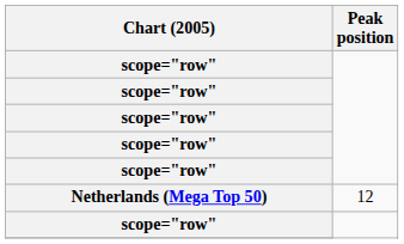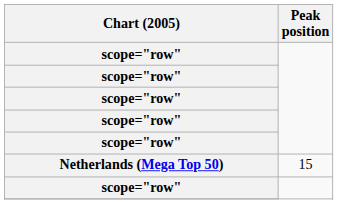 <table class="wikitable sortable plainrowheaders">
 <tr>
 <th scope="col" style="width:19em;">Chart (2005)</th>
 <th scope="col">Peak<br>position</th>
 </tr>
 <tr>
 <th>scope="row" </th>
 </tr>
 <tr>
 <th>scope="row" </th>
 </tr>
 <tr>
 <th>scope="row" </th>
 </tr>
 <tr>
 <th>scope="row" </th>
 </tr>
 <tr>
 <th>scope="row" </th>
 </tr>
 <tr>
 <th scope="row">Netherlands (<a href='#'>Mega Top 50</a>)</th>
-<td style="text-align:center;">12</td>
+<td style="text-align:center;">15</td>
 </tr>
 <tr>
 <th>scope="row" </th>
 </tr>
 <tr>
 </tr>
 </table>
